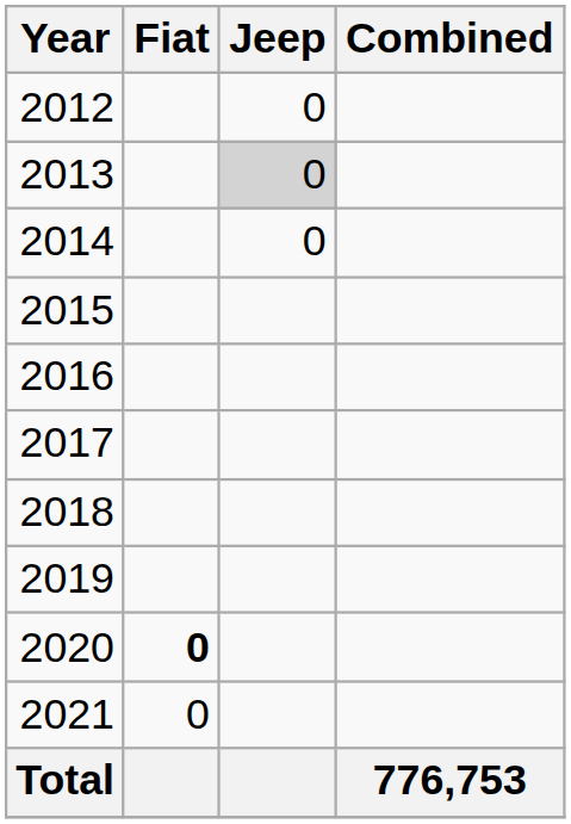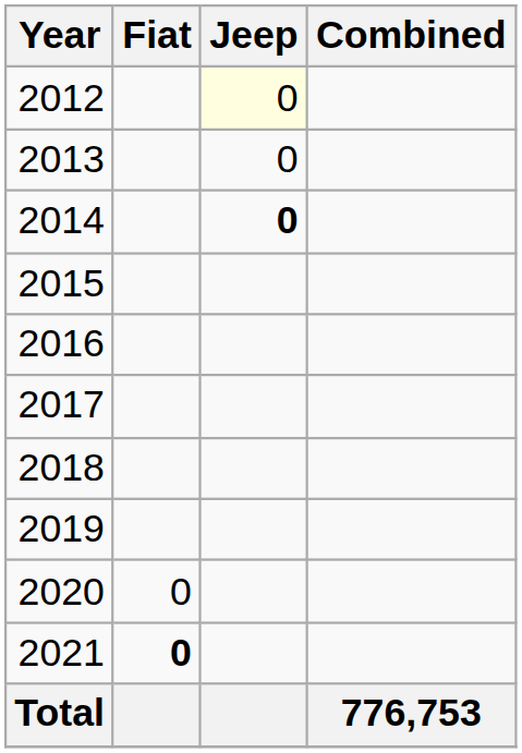 <table class="wikitable" style="text-align: right">
 <tr>
 <th>Year</th>
 <th>Fiat</th>
 <th>Jeep</th>
 <th>Combined</th>
 </tr>
 <tr>
 <td>2012</td>
 <td></td>
-<td>0</td>
+<td style="background: lightyellow;">0</td>
 <td></td>
 </tr>
 <tr>
 <td>2013</td>
 <td></td>
-<td style="background: lightgrey;">0</td>
+<td>0</td>
 <td></td>
 </tr>
 <tr>
 <td>2014</td>
 <td></td>
-<td>0</td>
+<td><strong>0</strong></td>
 <td></td>
 </tr>
 <tr>
 <td>2015</td>
 <td></td>
 <td></td>
 <td></td>
 </tr>
 <tr>
 <td>2016</td>
 <td></td>
 <td></td>
 <td></td>
 </tr>
 <tr>
 <td>2017</td>
 <td></td>
 <td></td>
 <td></td>
 </tr>
 <tr>
 <td>2018</td>
 <td></td>
 <td></td>
 <td></td>
 </tr>
 <tr>
 <td>2019</td>
 <td></td>
 <td></td>
 <td></td>
 </tr>
 <tr>
 <td>2020</td>
-<td><strong>0</strong></td>
+<td>0</td>
 <td></td>
 <td></td>
 </tr>
 <tr>
 <td>2021</td>
-<td>0</td>
+<td><strong>0</strong></td>
 <td></td>
 <td></td>
 </tr>
 <tr>
 <th>Total</th>
 <th></th>
 <th></th>
 <th>776,753</th>
 </tr>
 <tr>
 </tr>
 </table>
